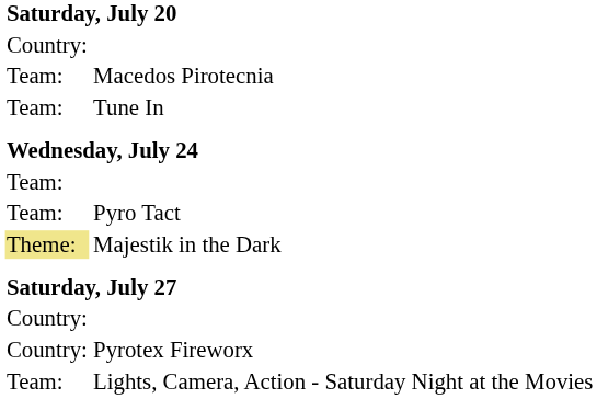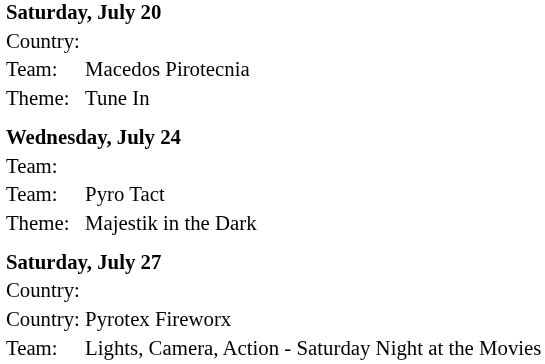 <table border="0">
 <tr>
 <td colspan="2"><strong>Saturday, July 20</strong></td>
 </tr>
 <tr>
 <td>Country:</td>
 <td></td>
 </tr>
 <tr>
 <td>Team:</td>
 <td>Macedos Pirotecnia</td>
 </tr>
 <tr>
-<td>Team:</td>
+<td>Theme:</td>
 <td>Tune In</td>
 </tr>
 <tr>
 <td colspan="2"></td>
 </tr>
 <tr>
 <td></td>
 </tr>
 <tr>
 <td colspan="2"><strong>Wednesday, July 24</strong></td>
 </tr>
 <tr>
 <td>Team:</td>
 <td></td>
 </tr>
 <tr>
 <td>Team:</td>
 <td>Pyro Tact</td>
 </tr>
 <tr>
-<td style="background: khaki;">Theme:</td>
+<td>Theme:</td>
 <td>Majestik in the Dark</td>
 </tr>
 <tr>
 <td colspan="2"></td>
 </tr>
 <tr>
 <td></td>
 </tr>
 <tr>
 <td colspan="2"><strong>Saturday, July 27</strong></td>
 </tr>
 <tr>
 <td>Country:</td>
 <td></td>
 </tr>
 <tr>
 <td>Country:</td>
 <td>Pyrotex Fireworx</td>
 </tr>
 <tr>
 <td>Team:</td>
 <td>Lights, Camera, Action - Saturday Night at the Movies</td>
 </tr>
 <tr>
 <td colspan="2"></td>
 </tr>
 </table>
